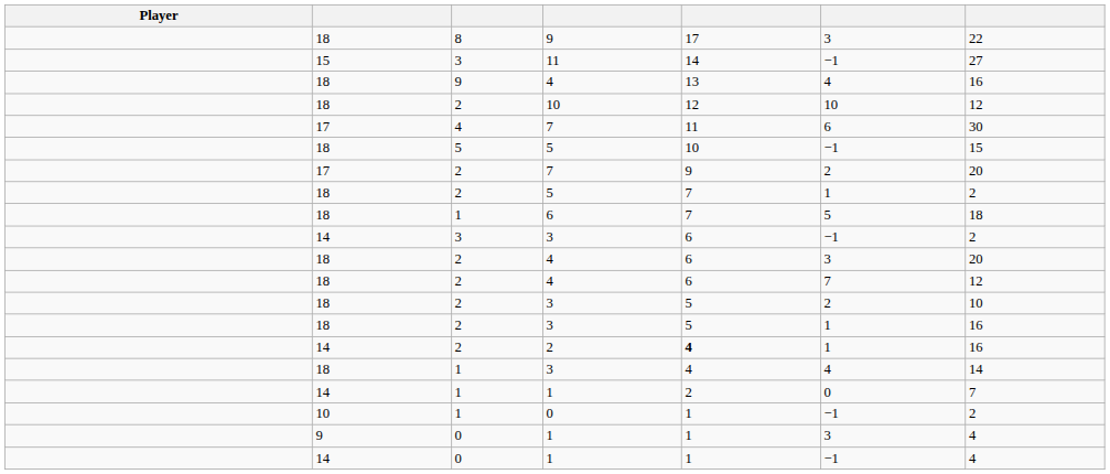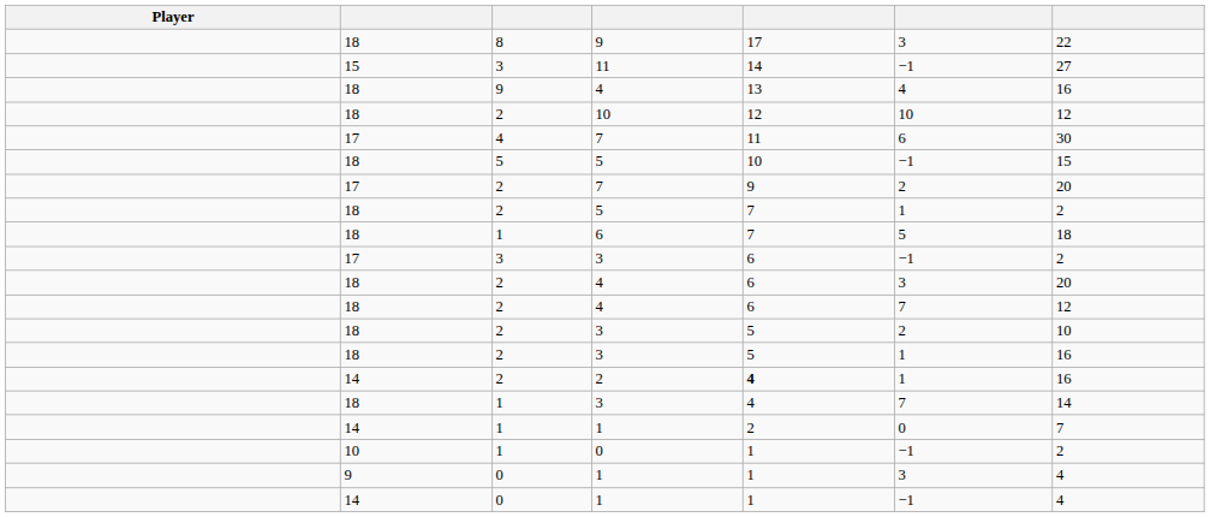 <table class="wikitable sortable" style="width:100%;">
 <tr align=center>
 <th>Player</th>
 <th></th>
 <th></th>
 <th></th>
 <th></th>
 <th data-sort-type="number"></th>
 <th></th>
 </tr>
 <tr>
 <td></td>
 <td>18</td>
 <td>8</td>
 <td>9</td>
 <td>17</td>
 <td>3</td>
 <td>22</td>
 </tr>
 <tr>
 <td></td>
 <td>15</td>
 <td>3</td>
 <td>11</td>
 <td>14</td>
 <td>−1</td>
 <td>27</td>
 </tr>
 <tr>
 <td></td>
 <td>18</td>
 <td>9</td>
 <td>4</td>
 <td>13</td>
 <td>4</td>
 <td>16</td>
 </tr>
 <tr>
 <td></td>
 <td>18</td>
 <td>2</td>
 <td>10</td>
 <td>12</td>
 <td>10</td>
 <td>12</td>
 </tr>
 <tr>
 <td></td>
 <td>17</td>
 <td>4</td>
 <td>7</td>
 <td>11</td>
 <td>6</td>
 <td>30</td>
 </tr>
 <tr>
 <td></td>
 <td>18</td>
 <td>5</td>
 <td>5</td>
 <td>10</td>
 <td>−1</td>
 <td>15</td>
 </tr>
 <tr>
 <td></td>
 <td>17</td>
 <td>2</td>
 <td>7</td>
 <td>9</td>
 <td>2</td>
 <td>20</td>
 </tr>
 <tr>
 <td></td>
 <td>18</td>
 <td>2</td>
 <td>5</td>
 <td>7</td>
 <td>1</td>
 <td>2</td>
 </tr>
 <tr>
 <td></td>
 <td>18</td>
 <td>1</td>
 <td>6</td>
 <td>7</td>
 <td>5</td>
 <td>18</td>
 </tr>
 <tr>
 <td></td>
-<td>14</td>
+<td>17</td>
 <td>3</td>
 <td>3</td>
 <td>6</td>
 <td>−1</td>
 <td>2</td>
 </tr>
 <tr>
 <td></td>
 <td>18</td>
 <td>2</td>
 <td>4</td>
 <td>6</td>
 <td>3</td>
 <td>20</td>
 </tr>
 <tr>
 <td></td>
 <td>18</td>
 <td>2</td>
 <td>4</td>
 <td>6</td>
 <td>7</td>
 <td>12</td>
 </tr>
 <tr>
 <td></td>
 <td>18</td>
 <td>2</td>
 <td>3</td>
 <td>5</td>
 <td>2</td>
 <td>10</td>
 </tr>
 <tr>
 <td></td>
 <td>18</td>
 <td>2</td>
 <td>3</td>
 <td>5</td>
 <td>1</td>
 <td>16</td>
 </tr>
 <tr>
 <td></td>
 <td>14</td>
 <td>2</td>
 <td>2</td>
 <td><strong>4</strong></td>
 <td>1</td>
 <td>16</td>
 </tr>
 <tr>
 <td></td>
 <td>18</td>
 <td>1</td>
 <td>3</td>
 <td>4</td>
-<td>4</td>
+<td>7</td>
 <td>14</td>
 </tr>
 <tr>
 <td></td>
 <td>14</td>
 <td>1</td>
 <td>1</td>
 <td>2</td>
 <td>0</td>
 <td>7</td>
 </tr>
 <tr>
 <td></td>
 <td>10</td>
 <td>1</td>
 <td>0</td>
 <td>1</td>
 <td>−1</td>
 <td>2</td>
 </tr>
 <tr>
 <td></td>
 <td>9</td>
 <td>0</td>
 <td>1</td>
 <td>1</td>
 <td>3</td>
 <td>4</td>
 </tr>
 <tr>
 <td></td>
 <td>14</td>
 <td>0</td>
 <td>1</td>
 <td>1</td>
 <td>−1</td>
 <td>4</td>
 </tr>
 </table>
